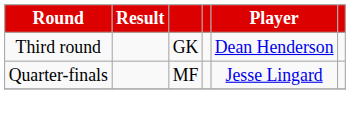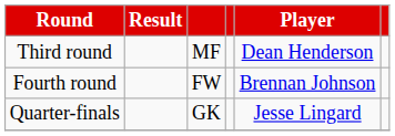 <table class="wikitable" style="text-align:center">
 <tr>
 <th style="background:#DD0000; color:#FFFFFF;">Round</th>
 <th style="background:#DD0000; color:#FFFFFF;">Result</th>
 <th style="background:#DD0000; color:#FFFFFF;"></th>
 <th style="background:#DD0000; color:#FFFFFF;"></th>
 <th style="background:#DD0000;color:#FFFFFF;">Player</th>
 <th style="background:#DD0000; color:#FFFFFF;"></th>
 </tr>
 <tr>
 <td>Third round</td>
 <td></td>
-<td>GK</td>
+<td>MF</td>
 <td></td>
 <td><a href='#'>Dean Henderson</a></td>
 <td></td>
 </tr>
 <tr>
+<td>Fourth round</td>
+<td></td>
+<td>FW</td>
+<td></td>
+<td><a href='#'>Brennan Johnson</a></td>
+<td></td>
+</tr>
+<tr>
 <td>Quarter-finals</td>
 <td></td>
-<td>MF</td>
+<td>GK</td>
 <td></td>
 <td><a href='#'>Jesse Lingard</a></td>
 <td></td>
 </tr>
 <tr>
 </tr>
 </table>
